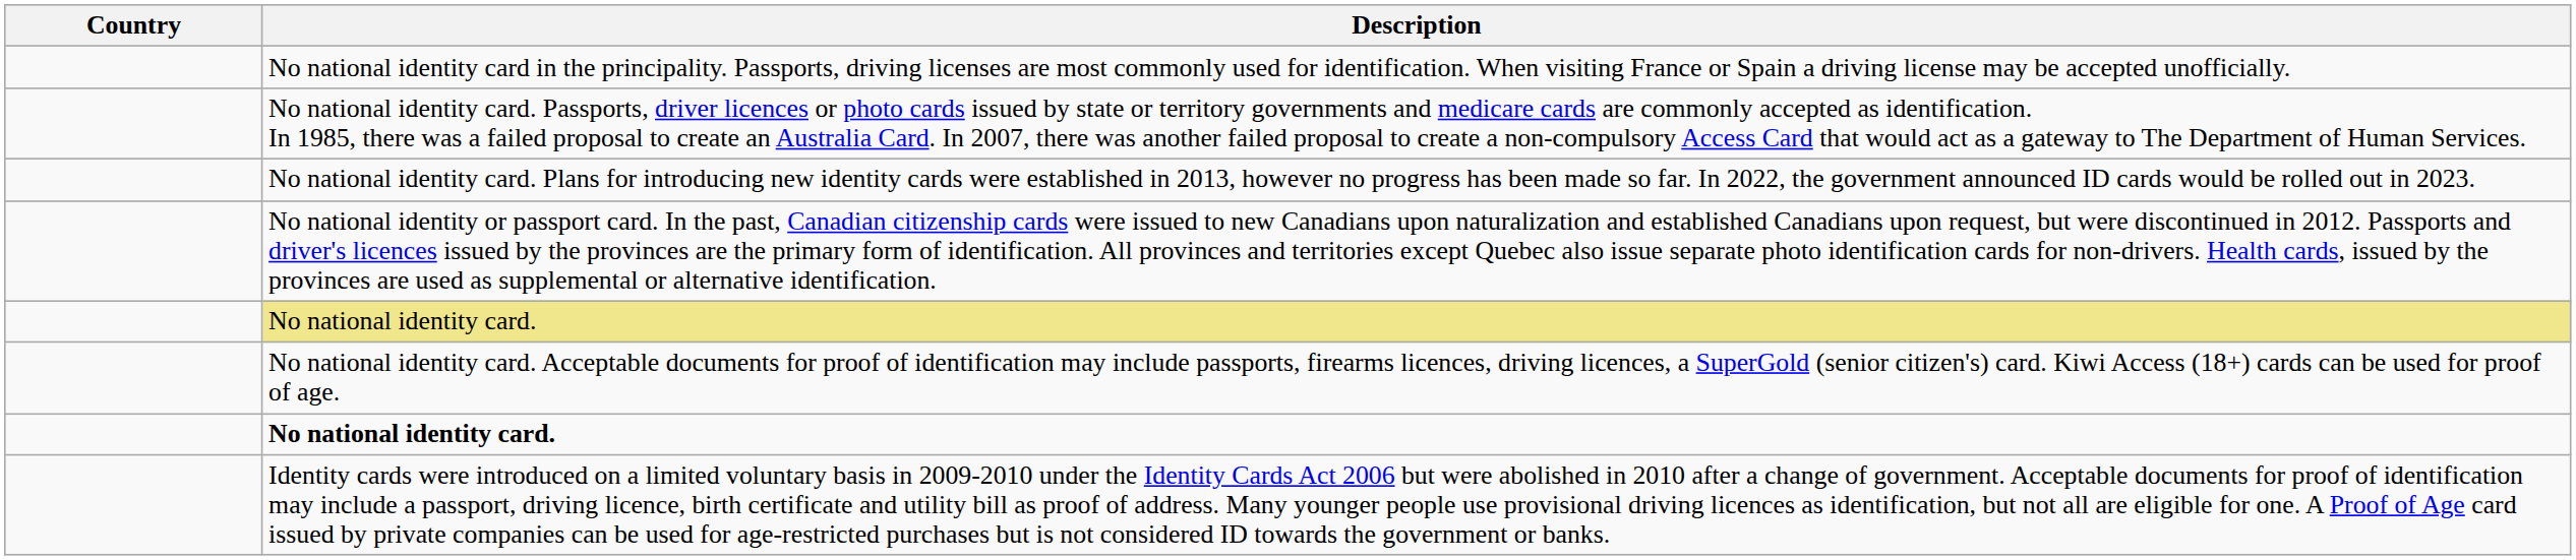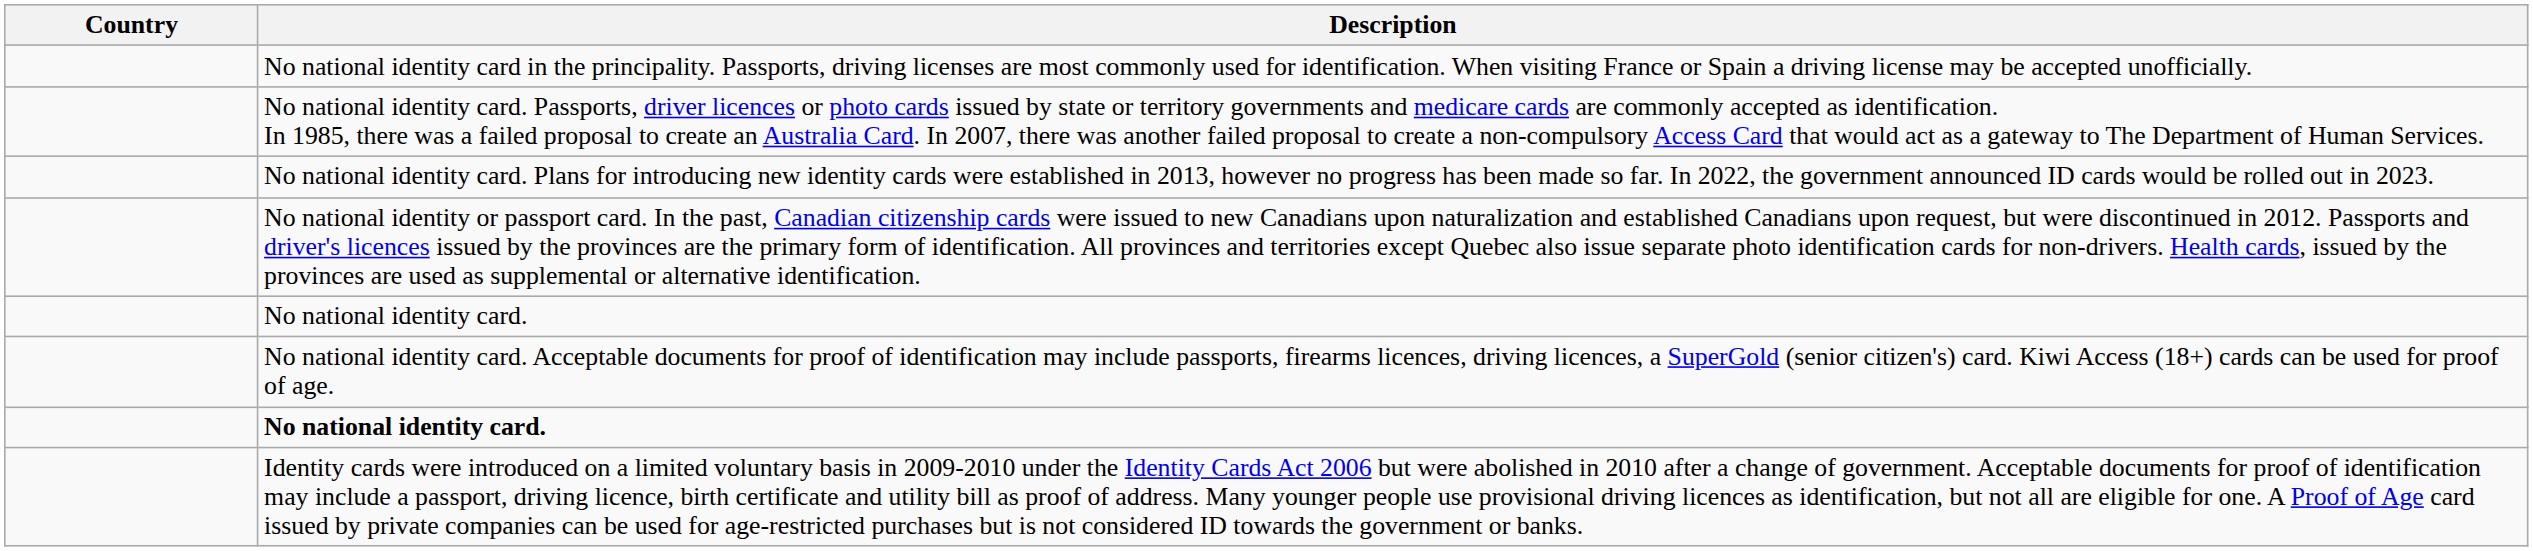 <table class="sortable wikitable">
 <tr>
 <th width=150>Country</th>
 <th class=unsortable>Description</th>
 </tr>
 <tr>
 <td></td>
 <td>No national identity card in the principality. Passports, driving licenses are most commonly used for identification. When visiting France or Spain a driving license may be accepted unofficially.</td>
 </tr>
 <tr>
 <td></td>
 <td>No national identity card. Passports, <a href='#'>driver licences</a> or <a href='#'>photo cards</a> issued by state or territory governments and <a href='#'>medicare cards</a> are commonly accepted as identification.<br>In 1985, there was a failed proposal to create an <a href='#'>Australia Card</a>. In 2007, there was another failed proposal to create a non-compulsory <a href='#'>Access Card</a> that would act as a gateway to The Department of Human Services.</td>
 </tr>
 <tr>
 <td></td>
 <td>No national identity card. Plans for introducing new identity cards were established in 2013, however no progress has been made so far. In 2022, the government announced ID cards would be rolled out in 2023.</td>
 </tr>
 <tr>
 <td></td>
 <td>No national identity or passport card. In the past, <a href='#'>Canadian citizenship cards</a> were issued to new Canadians upon naturalization and established Canadians upon request, but were discontinued in 2012. Passports and <a href='#'>driver's licences</a> issued by the provinces are the primary form of identification. All provinces and territories except Quebec also issue separate photo identification cards for non-drivers. <a href='#'>Health cards</a>, issued by the provinces are used as supplemental or alternative identification.</td>
 </tr>
 <tr>
 <td></td>
-<td style="background: khaki;">No national identity card.</td>
+<td>No national identity card.</td>
 </tr>
 <tr>
 <td></td>
 <td>No national identity card. Acceptable documents for proof of identification may include passports, firearms licences, driving licences, a <a href='#'>SuperGold</a> (senior citizen's) card. Kiwi Access (18+) cards can be used for proof of age.</td>
 </tr>
 <tr>
 <td></td>
 <td><strong>No national identity card.</strong></td>
 </tr>
 <tr>
 <td></td>
 <td>Identity cards were introduced on a limited voluntary basis in 2009-2010 under the <a href='#'>Identity Cards Act 2006</a> but were abolished in 2010 after a change of government. Acceptable documents for proof of identification may include a passport, driving licence, birth certificate and utility bill as proof of address. Many younger people use provisional driving licences as identification, but not all are eligible for one. A <a href='#'>Proof of Age</a> card issued by private companies can be used for age-restricted purchases but is not considered ID towards the government or banks.</td>
 </tr>
 </table>
